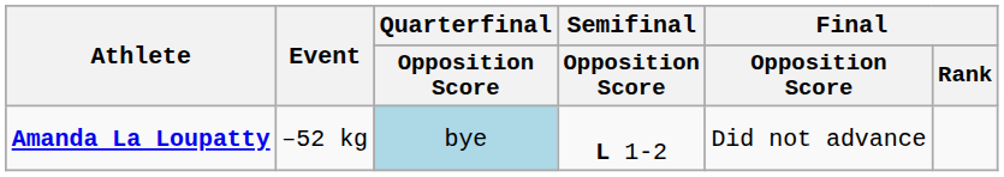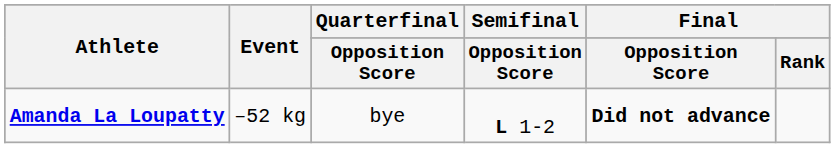 <table class="wikitable" style="font-size:88%";text-align:center>
 <tr>
 <th rowspan="2">Athlete</th>
 <th rowspan="2">Event</th>
 <th>Quarterfinal</th>
 <th>Semifinal</th>
 <th colspan=2>Final</th>
 </tr>
 <tr style="font-size:95%">
 <th>Opposition<br>Score</th>
 <th>Opposition<br>Score</th>
 <th>Opposition<br>Score</th>
 <th>Rank</th>
 </tr>
 <tr align="center">
 <td align=left><strong><a href='#'>Amanda La Loupatty</a></strong></td>
 <td>–52 kg</td>
-<td style="background: lightblue;">bye</td>
+<td>bye</td>
 <td align="center"><br> <strong>L</strong> 1-2</td>
-<td>Did not advance</td>
+<td><strong>Did not advance</strong></td>
 <td></td>
 </tr>
 </table>
